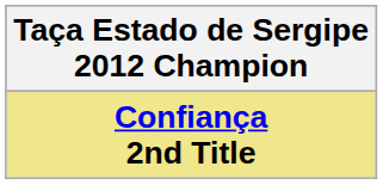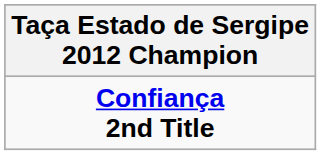 <table class="wikitable" style="text-align: center; margin: 0 auto;">
 <tr>
 <th>Taça Estado de Sergipe<br>2012 Champion</th>
 </tr>
 <tr>
-<td style="background: khaki;"><strong><a href='#'>Confiança</a></strong><br><strong>2nd Title</strong></td>
+<td><strong><a href='#'>Confiança</a></strong><br><strong>2nd Title</strong></td>
 </tr>
 </table>
